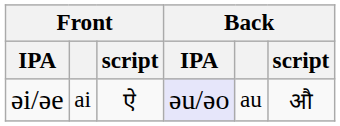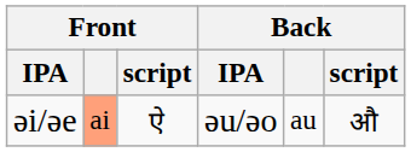 <table class="wikitable" style="float: right; margin: 1em 2em; text-align: center;">
 <tr>
 <th colspan="3">Front</th>
 <th colspan="3">Back</th>
 </tr>
 <tr>
 <th>IPA</th>
 <th></th>
 <th>script</th>
 <th>IPA</th>
 <th></th>
 <th>script</th>
 </tr>
 <tr>
 <td><big>əi/əe</big></td>
-<td>ai</td>
+<td style="background: lightsalmon;">ai</td>
 <td>ऐ</td>
-<td style="background: lavender;"><big>əu/əo</big></td>
+<td><big>əu/əo</big></td>
 <td>au</td>
 <td>औ</td>
 </tr>
 </table>
